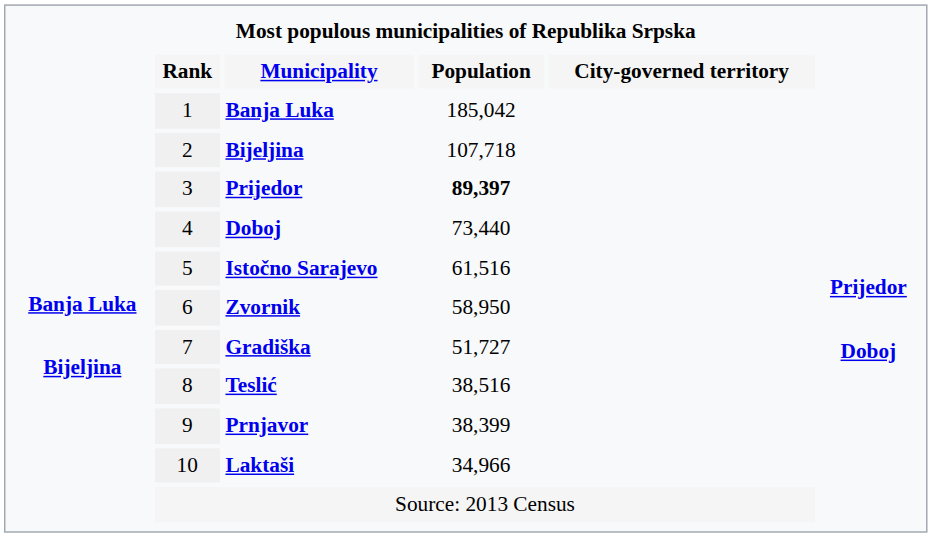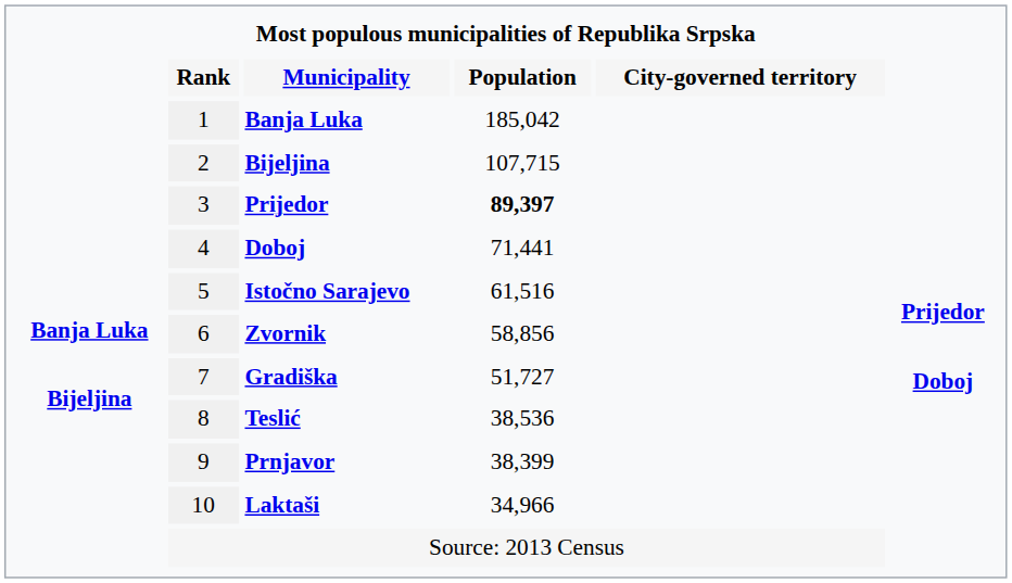 <table style="text-align: center; font-size: 90%; width: 100%; border: 1px solid #a2a9b1; border-spacing: 3px; background-color: #f8f9fa; color: black; margin: 0.5em 0 0.5em 1em; padding: 0.2em;	float: right; clear: right; line-height: 1.5em;">
 <tr>
 <th colspan="10" style="text-align:center;">Most populous municipalities of Republika Srpska</th>
 </tr>
 <tr>
 <th rowspan=23 width:150><br><br><br><a href='#'>Banja Luka</a><br> <br><a href='#'>Bijeljina</a></th>
 <th style="text-align:center;background:#f5f5f5;">Rank</th>
 <th style="text-align:center;background:#f5f5f5;"><a href='#'>Municipality</a></th>
 <th style="text-align:center;background:#f5f5f5;">Population</th>
 <th style="text-align:center;background:#f5f5f5;">City-governed territory</th>
 <th rowspan=23 width:150><br><br><a href='#'>Prijedor</a><br> <br><a href='#'>Doboj</a></th>
 </tr>
 <tr>
 <td style="text-align:center;background:#f0f0f0;">1</td>
 <td style="text-align:left;"><strong><a href='#'>Banja Luka</a></strong></td>
 <td>185,042</td>
 <td></td>
 </tr>
 <tr>
 <td style="text-align:center;background:#f0f0f0;">2</td>
 <td style="text-align:left;"><strong><a href='#'>Bijeljina</a></strong></td>
-<td>107,718</td>
+<td>107,715</td>
 <td></td>
 </tr>
 <tr>
 <td style="text-align:center;background:#f0f0f0;">3</td>
 <td style="text-align:left;"><strong><a href='#'>Prijedor</a></strong></td>
 <td><strong>89,397</strong></td>
 <td></td>
 </tr>
 <tr>
 <td style="text-align:center;background:#f0f0f0;">4</td>
 <td style="text-align:left;"><strong><a href='#'>Doboj</a></strong></td>
-<td>73,440</td>
+<td>71,441</td>
 <td></td>
 </tr>
 <tr>
 <td style="text-align:center;background:#f0f0f0;">5</td>
 <td style="text-align:left;"><strong><a href='#'>Istočno Sarajevo</a></strong></td>
 <td>61,516</td>
 <td></td>
 </tr>
 <tr>
 <td style="text-align:center;background:#f0f0f0;">6</td>
 <td style="text-align:left;"><strong><a href='#'>Zvornik</a></strong></td>
-<td>58,950</td>
+<td>58,856</td>
 <td></td>
 </tr>
 <tr>
 <td style="text-align:center;background:#f0f0f0;">7</td>
 <td style="text-align:left;"><strong><a href='#'>Gradiška</a></strong></td>
 <td>51,727</td>
 <td></td>
 </tr>
 <tr>
 <td style="text-align:center;background:#f0f0f0;">8</td>
 <td style="text-align:left;"><strong><a href='#'>Teslić</a></strong></td>
-<td>38,516</td>
+<td>38,536</td>
 <td></td>
 </tr>
 <tr>
 <td style="text-align:center;background:#f0f0f0;">9</td>
 <td style="text-align:left;"><strong><a href='#'>Prnjavor</a></strong></td>
 <td>38,399</td>
 <td></td>
 </tr>
 <tr>
 <td style="text-align:center;background:#f0f0f0;">10</td>
 <td style="text-align:left;"><strong><a href='#'>Laktaši</a></strong></td>
 <td>34,966</td>
 <td></td>
 </tr>
 <tr>
 <td colspan="4" style="text-align:center;background:#f5f5f5;">Source: 2013 Census</td>
 </tr>
 </table>
